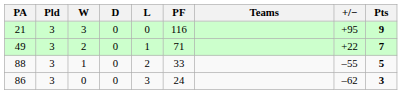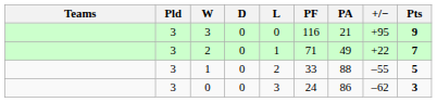 <table class="wikitable" style="text-align: center;">
 <tr>
-<th width="40">PA</th>
+<th width="200">Teams</th>
 <th width="40">Pld</th>
 <th width="40">W</th>
 <th width="40">D</th>
 <th width="40">L</th>
 <th width="40">PF</th>
-<th width="200">Teams</th>
+<th width="40">PA</th>
 <th width="40">+/−</th>
 <th width="40">Pts</th>
 </tr>
 <tr style="background:#cfc; width:20px;">
-<td>21</td>
+<td align=left></td>
 <td>3</td>
 <td>3</td>
 <td>0</td>
 <td>0</td>
 <td>116</td>
-<td align=left></td>
+<td>21</td>
 <td>+95</td>
 <td><strong>9</strong></td>
 </tr>
 <tr style="background:#cfc; width:20px;">
-<td>49</td>
+<td align=left></td>
 <td>3</td>
 <td>2</td>
 <td>0</td>
 <td>1</td>
 <td>71</td>
-<td align=left></td>
+<td>49</td>
 <td>+22</td>
 <td><strong>7</strong></td>
 </tr>
 <tr>
-<td>88</td>
+<td align=left></td>
 <td>3</td>
 <td>1</td>
 <td>0</td>
 <td>2</td>
 <td>33</td>
-<td align=left></td>
+<td>88</td>
 <td>–55</td>
 <td><strong>5</strong></td>
 </tr>
 <tr>
-<td>86</td>
+<td align=left></td>
 <td>3</td>
 <td>0</td>
 <td>0</td>
 <td>3</td>
 <td>24</td>
-<td align=left></td>
+<td>86</td>
 <td>–62</td>
 <td><strong>3</strong></td>
 </tr>
 </table>
